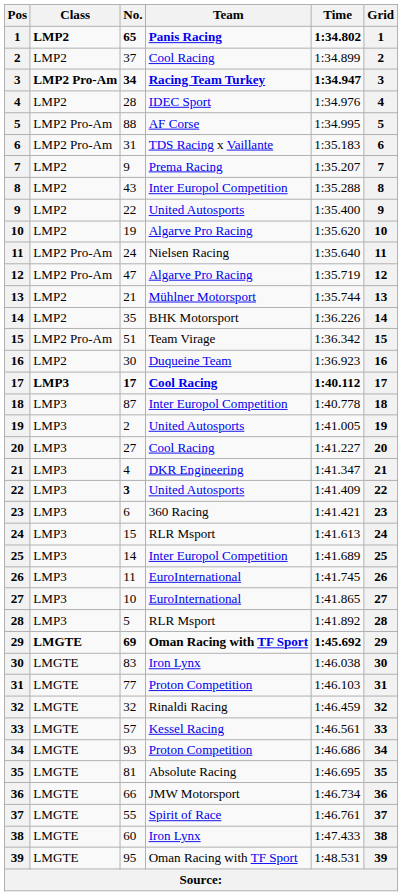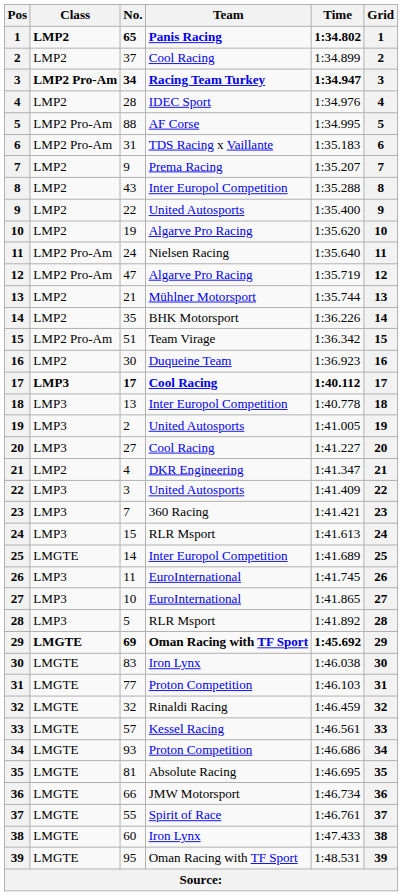 <table class="wikitable" style="font-size: 90%;">
 <tr>
 <th>Pos</th>
 <th>Class</th>
 <th>No.</th>
 <th>Team</th>
 <th>Time</th>
 <th>Grid</th>
 </tr>
 <tr>
 <th>1</th>
 <td><strong>LMP2</strong></td>
 <td><strong>65</strong></td>
 <td><strong> <a href='#'>Panis Racing</a></strong></td>
 <td><strong>1:34.802</strong></td>
 <th>1</th>
 </tr>
 <tr>
 <th>2</th>
 <td>LMP2</td>
 <td>37</td>
 <td> <a href='#'>Cool Racing</a></td>
 <td>1:34.899</td>
 <th>2</th>
 </tr>
 <tr>
 <th>3</th>
 <td><strong>LMP2 Pro-Am</strong></td>
 <td><strong>34</strong></td>
 <td><strong> <a href='#'>Racing Team Turkey</a></strong></td>
 <td><strong>1:34.947</strong></td>
 <th>3</th>
 </tr>
 <tr>
 <th>4</th>
 <td>LMP2</td>
 <td>28</td>
 <td> <a href='#'>IDEC Sport</a></td>
 <td>1:34.976</td>
 <th>4</th>
 </tr>
 <tr>
 <th>5</th>
 <td>LMP2 Pro-Am</td>
 <td>88</td>
 <td> <a href='#'>AF Corse</a></td>
 <td>1:34.995</td>
 <th>5</th>
 </tr>
 <tr>
 <th>6</th>
 <td>LMP2 Pro-Am</td>
 <td>31</td>
 <td> <a href='#'>TDS Racing</a> x <a href='#'>Vaillante</a></td>
 <td>1:35.183</td>
 <th>6</th>
 </tr>
 <tr>
 <th>7</th>
 <td>LMP2</td>
 <td>9</td>
 <td> <a href='#'>Prema Racing</a></td>
 <td>1:35.207</td>
 <th>7</th>
 </tr>
 <tr>
 <th>8</th>
 <td>LMP2</td>
 <td>43</td>
 <td> <a href='#'>Inter Europol Competition</a></td>
 <td>1:35.288</td>
 <th>8</th>
 </tr>
 <tr>
 <th>9</th>
 <td>LMP2</td>
 <td>22</td>
 <td> <a href='#'>United Autosports</a></td>
 <td>1:35.400</td>
 <th>9</th>
 </tr>
 <tr>
 <th>10</th>
 <td>LMP2</td>
 <td>19</td>
 <td> <a href='#'>Algarve Pro Racing</a></td>
 <td>1:35.620</td>
 <th>10</th>
 </tr>
 <tr>
 <th>11</th>
 <td>LMP2 Pro-Am</td>
 <td>24</td>
 <td> Nielsen Racing</td>
 <td>1:35.640</td>
 <th>11</th>
 </tr>
 <tr>
 <th>12</th>
 <td>LMP2 Pro-Am</td>
 <td>47</td>
 <td> <a href='#'>Algarve Pro Racing</a></td>
 <td>1:35.719</td>
 <th>12</th>
 </tr>
 <tr>
 <th>13</th>
 <td>LMP2</td>
 <td>21</td>
 <td> <a href='#'>Mühlner Motorsport</a></td>
 <td>1:35.744</td>
 <th>13</th>
 </tr>
 <tr>
 <th>14</th>
 <td>LMP2</td>
 <td>35</td>
 <td> BHK Motorsport</td>
 <td>1:36.226</td>
 <th>14</th>
 </tr>
 <tr>
 <th>15</th>
 <td>LMP2 Pro-Am</td>
 <td>51</td>
 <td> Team Virage</td>
 <td>1:36.342</td>
 <th>15</th>
 </tr>
 <tr>
 <th>16</th>
 <td>LMP2</td>
 <td>30</td>
 <td> <a href='#'>Duqueine Team</a></td>
 <td>1:36.923</td>
 <th>16</th>
 </tr>
 <tr>
 <th>17</th>
 <td><strong>LMP3</strong></td>
 <td><strong>17</strong></td>
 <td><strong> <a href='#'>Cool Racing</a></strong></td>
 <td><strong>1:40.112</strong></td>
 <th>17</th>
 </tr>
 <tr>
 <th>18</th>
 <td>LMP3</td>
-<td>87</td>
+<td>13</td>
 <td> <a href='#'>Inter Europol Competition</a></td>
 <td>1:40.778</td>
 <th>18</th>
 </tr>
 <tr>
 <th>19</th>
 <td>LMP3</td>
 <td>2</td>
 <td> <a href='#'>United Autosports</a></td>
 <td>1:41.005</td>
 <th>19</th>
 </tr>
 <tr>
 <th>20</th>
 <td>LMP3</td>
 <td>27</td>
 <td> <a href='#'>Cool Racing</a></td>
 <td>1:41.227</td>
 <th>20</th>
 </tr>
 <tr>
 <th>21</th>
-<td>LMP3</td>
+<td>LMP2</td>
 <td>4</td>
 <td> <a href='#'>DKR Engineering</a></td>
 <td>1:41.347</td>
 <th>21</th>
 </tr>
 <tr>
 <th>22</th>
 <td>LMP3</td>
-<td><strong>3</strong></td>
+<td>3</td>
 <td> <a href='#'>United Autosports</a></td>
 <td>1:41.409</td>
 <th>22</th>
 </tr>
 <tr>
 <th>23</th>
 <td>LMP3</td>
-<td>6</td>
+<td>7</td>
 <td> 360 Racing</td>
 <td>1:41.421</td>
 <th>23</th>
 </tr>
 <tr>
 <th>24</th>
 <td>LMP3</td>
 <td>15</td>
 <td> RLR Msport</td>
 <td>1:41.613</td>
 <th>24</th>
 </tr>
 <tr>
 <th>25</th>
-<td>LMP3</td>
+<td>LMGTE</td>
 <td>14</td>
 <td> <a href='#'>Inter Europol Competition</a></td>
 <td>1:41.689</td>
 <th>25</th>
 </tr>
 <tr>
 <th>26</th>
 <td>LMP3</td>
 <td>11</td>
 <td> <a href='#'>EuroInternational</a></td>
 <td>1:41.745</td>
 <th>26</th>
 </tr>
 <tr>
 <th>27</th>
 <td>LMP3</td>
 <td>10</td>
 <td> <a href='#'>EuroInternational</a></td>
 <td>1:41.865</td>
 <th>27</th>
 </tr>
 <tr>
 <th>28</th>
 <td>LMP3</td>
 <td>5</td>
 <td> RLR Msport</td>
 <td>1:41.892</td>
 <th>28</th>
 </tr>
 <tr>
 <th>29</th>
 <td><strong>LMGTE</strong></td>
 <td><strong>69</strong></td>
 <td><strong> Oman Racing with <a href='#'>TF Sport</a></strong></td>
 <td><strong>1:45.692</strong></td>
 <th>29</th>
 </tr>
 <tr>
 <th>30</th>
 <td>LMGTE</td>
 <td>83</td>
 <td> <a href='#'>Iron Lynx</a></td>
 <td>1:46.038</td>
 <th>30</th>
 </tr>
 <tr>
 <th>31</th>
 <td>LMGTE</td>
 <td>77</td>
 <td> <a href='#'>Proton Competition</a></td>
 <td>1:46.103</td>
 <th>31</th>
 </tr>
 <tr>
 <th>32</th>
 <td>LMGTE</td>
 <td>32</td>
 <td> Rinaldi Racing</td>
 <td>1:46.459</td>
 <th>32</th>
 </tr>
 <tr>
 <th>33</th>
 <td>LMGTE</td>
 <td>57</td>
 <td> <a href='#'>Kessel Racing</a></td>
 <td>1:46.561</td>
 <th>33</th>
 </tr>
 <tr>
 <th>34</th>
 <td>LMGTE</td>
 <td>93</td>
 <td> <a href='#'>Proton Competition</a></td>
 <td>1:46.686</td>
 <th>34</th>
 </tr>
 <tr>
 <th>35</th>
 <td>LMGTE</td>
 <td>81</td>
 <td> Absolute Racing</td>
 <td>1:46.695</td>
 <th>35</th>
 </tr>
 <tr>
 <th>36</th>
 <td>LMGTE</td>
 <td>66</td>
 <td> JMW Motorsport</td>
 <td>1:46.734</td>
 <th>36</th>
 </tr>
 <tr>
 <th>37</th>
 <td>LMGTE</td>
 <td>55</td>
 <td> <a href='#'>Spirit of Race</a></td>
 <td>1:46.761</td>
 <th>37</th>
 </tr>
 <tr>
 <th>38</th>
 <td>LMGTE</td>
 <td>60</td>
 <td> <a href='#'>Iron Lynx</a></td>
 <td>1:47.433</td>
 <th>38</th>
 </tr>
 <tr>
 <th>39</th>
 <td>LMGTE</td>
 <td>95</td>
 <td> Oman Racing with <a href='#'>TF Sport</a></td>
 <td>1:48.531</td>
 <th>39</th>
 </tr>
 <tr>
 <th colspan="6">Source:</th>
 </tr>
 </table>
